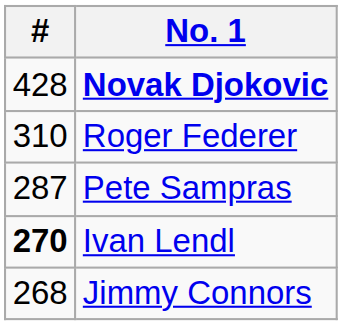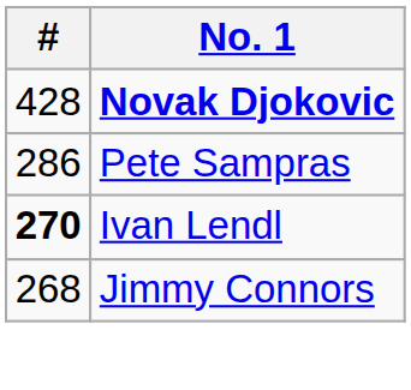 <table class="wikitable" style="display:inline-table;">
 <tr>
 <th>#</th>
 <th><a href='#'>No. 1</a></th>
 </tr>
 <tr>
 <td>428</td>
 <td> <strong><a href='#'>Novak Djokovic</a></strong></td>
 </tr>
 <tr>
-<td>310</td>
-<td> <a href='#'>Roger Federer</a></td>
-</tr>
-<tr>
-<td>287</td>
+<td>286</td>
 <td> <a href='#'>Pete Sampras</a></td>
 </tr>
 <tr>
 <td><strong>270</strong></td>
 <td> <a href='#'>Ivan Lendl</a></td>
 </tr>
 <tr>
 <td>268</td>
 <td> <a href='#'>Jimmy Connors</a></td>
 </tr>
 </table>
